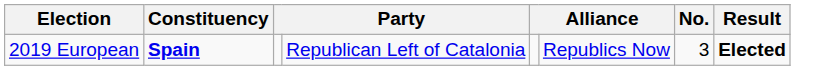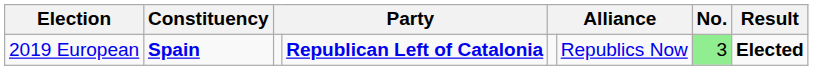 <table class="wikitable" style="text-align:left;">
 <tr>
 <th scope=col>Election</th>
 <th scope=col>Constituency</th>
 <th scope=col colspan="2">Party</th>
 <th scope=col colspan="2">Alliance</th>
 <th scope=col>No.</th>
 <th scope=col>Result</th>
 </tr>
 <tr>
 <td><a href='#'>2019 European</a></td>
 <td><strong><a href='#'>Spain</a></strong></td>
 <td style="background:"></td>
-<td><a href='#'>Republican Left of Catalonia</a></td>
+<td><strong><a href='#'>Republican Left of Catalonia</a></strong></td>
 <td style="background:"></td>
 <td><a href='#'>Republics Now</a></td>
-<td align=right>3</td>
+<td align=right style="background: lightgreen;">3</td>
 <td><strong>Elected</strong></td>
 </tr>
 </table>
